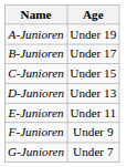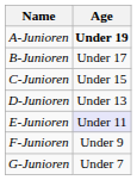 <table class="wikitable">
 <tr>
 <th>Name</th>
 <th>Age</th>
 </tr>
 <tr align="center">
 <td><em>A-Junioren</em></td>
-<td>Under 19</td>
+<td><strong>Under 19</strong></td>
 </tr>
 <tr align="center">
 <td><em>B-Junioren</em></td>
 <td>Under 17</td>
 </tr>
 <tr align="center">
 <td><em>C-Junioren</em></td>
 <td>Under 15</td>
 </tr>
 <tr align="center">
 <td><em>D-Junioren</em></td>
 <td>Under 13</td>
 </tr>
 <tr align="center">
 <td><em>E-Junioren</em></td>
-<td>Under 11</td>
+<td style="background: lavender;">Under 11</td>
 </tr>
 <tr align="center">
 <td><em>F-Junioren</em></td>
 <td>Under 9</td>
 </tr>
 <tr align="center">
 <td><em>G-Junioren</em></td>
 <td>Under 7</td>
 </tr>
 </table>
